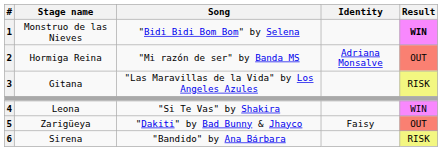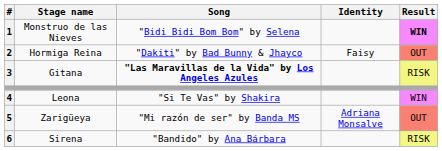 <table class="wikitable plainrowheaders" style="text-align: center;">
 <tr>
 <th>#</th>
 <th>Stage name</th>
 <th>Song</th>
 <th>Identity</th>
 <th>Result</th>
 </tr>
 <tr>
 <th>1</th>
 <td>Monstruo de las Nieves</td>
 <td>"<a href='#'>Bidi Bidi Bom Bom</a>" by <a href='#'>Selena</a></td>
 <td></td>
 <td bgcolor=#F888FD><strong>WIN</strong></td>
 </tr>
 <tr>
 <th>2</th>
 <td>Hormiga Reina</td>
-<td>"Mi razón de ser" by <a href='#'>Banda MS</a></td>
-<td><a href='#'>Adriana Monsalve</a></td>
+<td>"<a href='#'>Dakiti</a>" by <a href='#'>Bad Bunny</a> & <a href='#'>Jhayco</a></td>
+<td>Faisy</td>
 <td bgcolor=salmon>OUT</td>
 </tr>
 <tr>
 <th>3</th>
 <td>Gitana</td>
-<td>"Las Maravillas de la Vida" by <a href='#'>Los Angeles Azules</a></td>
+<td><strong>"Las Maravillas de la Vida" by <a href='#'>Los Angeles Azules</a></strong></td>
 <td></td>
 <td bgcolor=#F3F781>RISK</td>
 </tr>
 <tr>
 <td colspan="5" style="background:darkgray"></td>
 </tr>
 <tr>
 <th>4</th>
 <td>Leona</td>
 <td>"Si Te Vas" by <a href='#'>Shakira</a></td>
 <td></td>
 <td bgcolor=#F888FD>WIN</td>
 </tr>
 <tr>
 <th>5</th>
 <td>Zarigüeya</td>
-<td>"<a href='#'>Dakiti</a>" by <a href='#'>Bad Bunny</a> & <a href='#'>Jhayco</a></td>
-<td>Faisy</td>
+<td>"Mi razón de ser" by <a href='#'>Banda MS</a></td>
+<td><a href='#'>Adriana Monsalve</a></td>
 <td bgcolor=salmon>OUT</td>
 </tr>
 <tr>
 <th>6</th>
 <td>Sirena</td>
 <td>"Bandido" by <a href='#'>Ana Bárbara</a></td>
 <td></td>
 <td bgcolor=#F3F781>RISK</td>
 </tr>
 </table>
